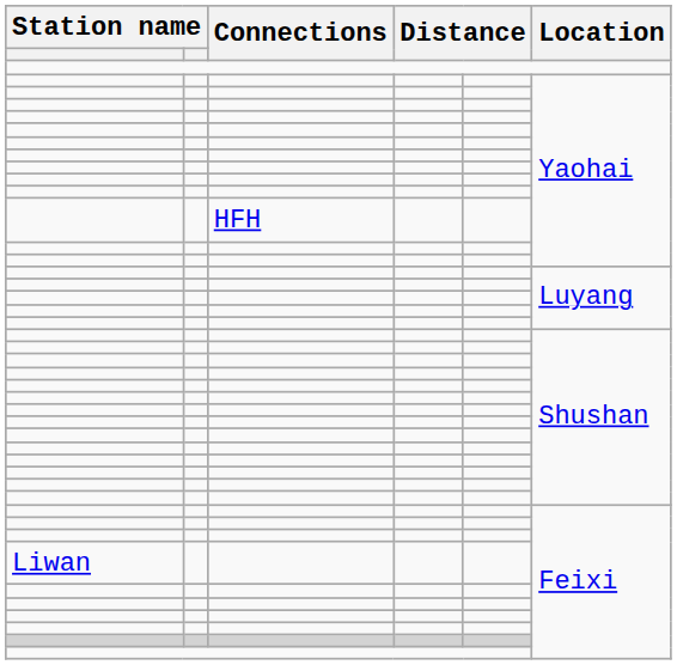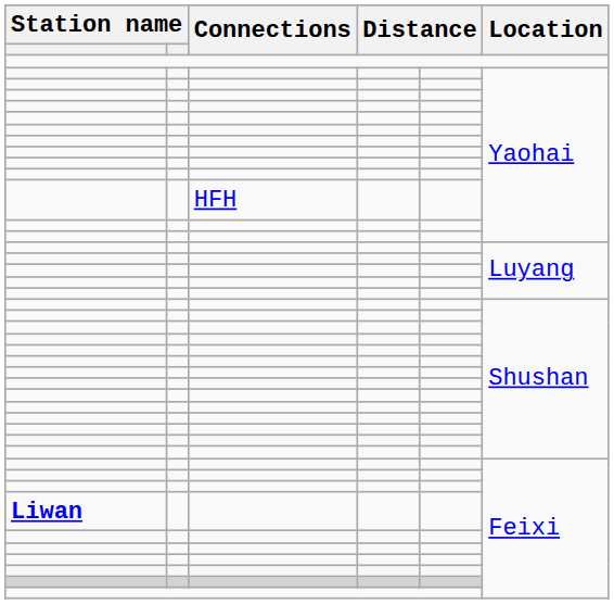 <table class="wikitable">
 <tr>
 <th colspan=2>Station name</th>
 <th rowspan=2>Connections</th>
 <th colspan="2" rowspan="2">Distance<br></th>
 <th rowspan=2>Location</th>
 </tr>
 <tr>
 <th></th>
 <th></th>
 </tr>
 <tr style="background:#">
 <td colspan = "6"></td>
 </tr>
 <tr>
 <td></td>
 <td></td>
 <td></td>
 <td></td>
 <td></td>
 <td rowspan="13"><a href='#'>Yaohai</a></td>
 </tr>
 <tr>
 <td></td>
 <td></td>
 <td></td>
 <td></td>
 <td></td>
 </tr>
 <tr>
 <td></td>
 <td></td>
 <td></td>
 <td></td>
 <td></td>
 </tr>
 <tr>
 <td></td>
 <td></td>
 <td></td>
 <td></td>
 <td></td>
 </tr>
 <tr>
 <td></td>
 <td></td>
 <td></td>
 <td></td>
 <td></td>
 </tr>
 <tr>
 <td></td>
 <td></td>
 <td></td>
 <td></td>
 <td></td>
 </tr>
 <tr>
 <td></td>
 <td></td>
 <td></td>
 <td></td>
 <td></td>
 </tr>
 <tr>
 <td></td>
 <td></td>
 <td></td>
 <td></td>
 <td></td>
 </tr>
 <tr>
 <td></td>
 <td></td>
 <td></td>
 <td></td>
 <td></td>
 </tr>
 <tr>
 <td></td>
 <td></td>
 <td></td>
 <td></td>
 <td></td>
 </tr>
 <tr>
 <td></td>
 <td></td>
 <td>  <a href='#'>HFH</a></td>
 <td></td>
 <td></td>
 </tr>
 <tr>
 <td></td>
 <td></td>
 <td></td>
 <td></td>
 <td></td>
 </tr>
 <tr>
 <td></td>
 <td></td>
 <td></td>
 <td></td>
 <td></td>
 </tr>
 <tr>
 <td></td>
 <td></td>
 <td></td>
 <td></td>
 <td></td>
 <td rowspan="5"><a href='#'>Luyang</a></td>
 </tr>
 <tr>
 <td></td>
 <td></td>
 <td></td>
 <td></td>
 <td></td>
 </tr>
 <tr>
 <td></td>
 <td></td>
 <td></td>
 <td></td>
 <td></td>
 </tr>
 <tr>
 <td></td>
 <td></td>
 <td></td>
 <td></td>
 <td></td>
 </tr>
 <tr>
 <td></td>
 <td></td>
 <td></td>
 <td></td>
 <td></td>
 </tr>
 <tr>
 <td></td>
 <td></td>
 <td></td>
 <td></td>
 <td></td>
 <td rowspan="14"><a href='#'>Shushan</a></td>
 </tr>
 <tr>
 <td></td>
 <td></td>
 <td></td>
 <td></td>
 <td></td>
 </tr>
 <tr>
 <td></td>
 <td></td>
 <td></td>
 <td></td>
 <td></td>
 </tr>
 <tr>
 <td></td>
 <td></td>
 <td></td>
 <td></td>
 <td></td>
 </tr>
 <tr>
 <td></td>
 <td></td>
 <td></td>
 <td></td>
 <td></td>
 </tr>
 <tr>
 <td></td>
 <td></td>
 <td></td>
 <td></td>
 <td></td>
 </tr>
 <tr>
 <td></td>
 <td></td>
 <td></td>
 <td></td>
 <td></td>
 </tr>
 <tr>
 <td></td>
 <td></td>
 <td></td>
 <td></td>
 <td></td>
 </tr>
 <tr>
 <td></td>
 <td></td>
 <td></td>
 <td></td>
 <td></td>
 </tr>
 <tr>
 <td></td>
 <td></td>
 <td></td>
 <td></td>
 <td></td>
 </tr>
 <tr>
 <td></td>
 <td></td>
 <td></td>
 <td></td>
 <td></td>
 </tr>
 <tr>
 <td></td>
 <td></td>
 <td></td>
 <td></td>
 <td></td>
 </tr>
 <tr>
 <td></td>
 <td></td>
 <td></td>
 <td></td>
 <td></td>
 </tr>
 <tr>
 <td></td>
 <td></td>
 <td></td>
 <td></td>
 <td></td>
 </tr>
 <tr>
 <td></td>
 <td></td>
 <td></td>
 <td></td>
 <td></td>
 <td rowspan="10"><a href='#'>Feixi</a></td>
 </tr>
 <tr>
 <td></td>
 <td></td>
 <td></td>
 <td></td>
 <td></td>
 </tr>
 <tr>
 <td></td>
 <td></td>
 <td></td>
 <td></td>
 <td></td>
 </tr>
 <tr>
-<td><a href='#'>Liwan</a></td>
+<td><strong><a href='#'>Liwan</a></strong></td>
 <td></td>
 <td></td>
 <td></td>
 <td></td>
 </tr>
 <tr>
 <td></td>
 <td></td>
 <td></td>
 <td></td>
 <td></td>
 </tr>
 <tr>
 <td></td>
 <td></td>
 <td></td>
 <td></td>
 <td></td>
 </tr>
 <tr>
 <td></td>
 <td></td>
 <td></td>
 <td></td>
 <td></td>
 </tr>
 <tr>
 <td></td>
 <td></td>
 <td></td>
 <td></td>
 <td></td>
 </tr>
 <tr bgcolor="lightgrey">
 <td></td>
 <td></td>
 <td></td>
 <td></td>
 <td></td>
 </tr>
 <tr style="background:#">
 <td colspan = "6"></td>
 </tr>
 </table>
